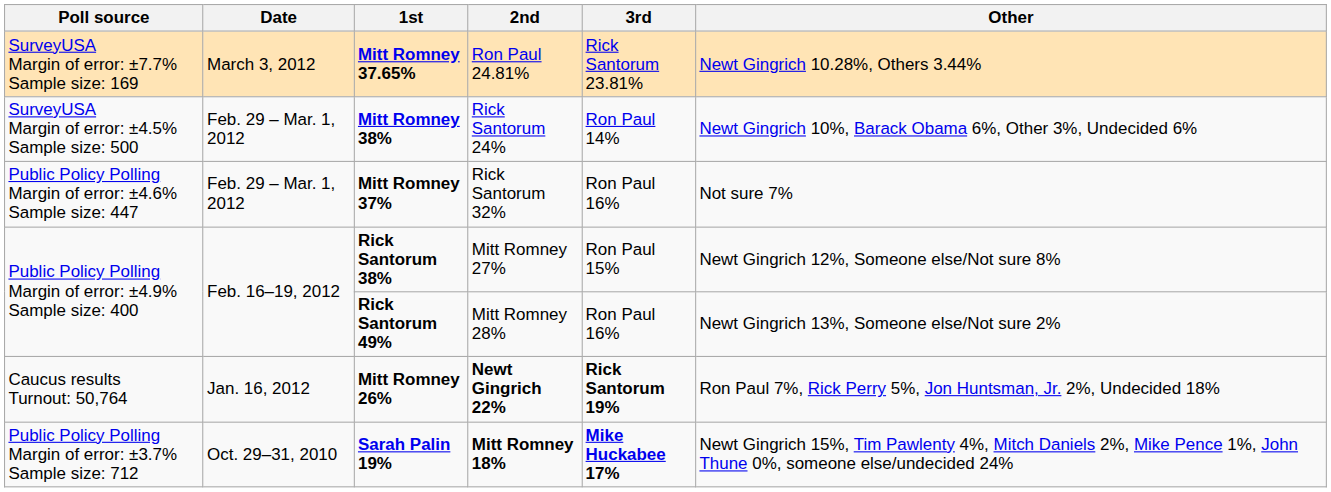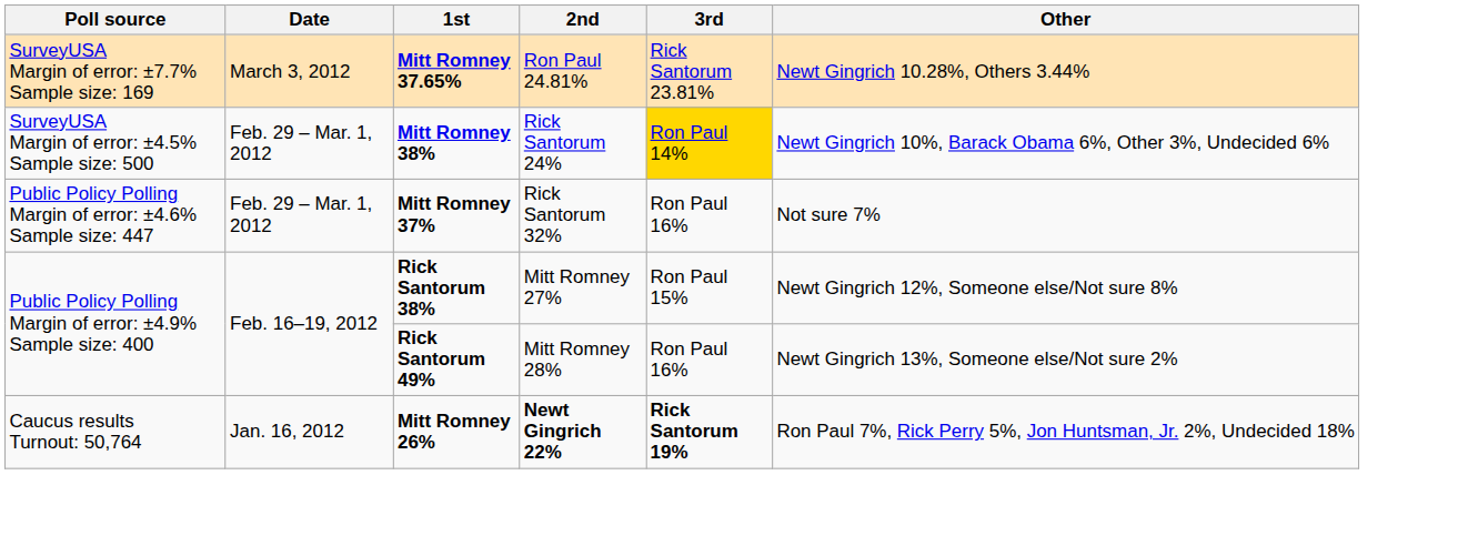 <table class="wikitable">
 <tr>
 <th style="width:180px;">Poll source</th>
 <th style="width:135px;">Date</th>
 <th style="width:100px;">1st</th>
 <th style="width:100px;">2nd</th>
 <th style="width:100px;">3rd</th>
 <th>Other</th>
 </tr>
 <tr style="background:Moccasin;">
 <td><a href='#'>SurveyUSA</a><br>Margin of error: ±7.7% <br>Sample size: 169</td>
 <td>March 3, 2012</td>
 <td><strong><a href='#'>Mitt Romney</a> 37.65% </strong></td>
 <td><a href='#'>Ron Paul</a><br>24.81%</td>
 <td><a href='#'>Rick Santorum</a><br>23.81%</td>
 <td><a href='#'>Newt Gingrich</a> 10.28%, Others 3.44%</td>
 </tr>
 <tr>
 <td><a href='#'>SurveyUSA</a><br>Margin of error: ±4.5% <br>Sample size: 500</td>
 <td>Feb. 29 – Mar. 1, 2012</td>
 <td><strong><a href='#'>Mitt Romney</a><br> 38%</strong></td>
 <td><a href='#'>Rick Santorum</a><br> 24%</td>
-<td><a href='#'>Ron Paul</a><br> 14%</td>
+<td style="background: gold;"><a href='#'>Ron Paul</a><br> 14%</td>
 <td><a href='#'>Newt Gingrich</a> 10%, <a href='#'>Barack Obama</a> 6%, Other 3%, Undecided 6%</td>
 </tr>
 <tr>
 <td><a href='#'>Public Policy Polling</a><br>Margin of error: ±4.6% <br>Sample size: 447</td>
 <td>Feb. 29 – Mar. 1, 2012</td>
 <td><strong>Mitt Romney<br> 37%</strong></td>
 <td>Rick Santorum<br> 32%</td>
 <td>Ron Paul<br> 16%</td>
 <td>Not sure 7%</td>
 </tr>
 <tr>
 <td rowspan=2><a href='#'>Public Policy Polling</a><br>Margin of error: ±4.9% <br>Sample size: 400</td>
 <td rowspan=2>Feb. 16–19, 2012</td>
 <td><strong>Rick Santorum<br> 38%</strong></td>
 <td>Mitt Romney<br> 27%</td>
 <td>Ron Paul<br> 15%</td>
 <td>Newt Gingrich 12%, Someone else/Not sure 8%</td>
 </tr>
 <tr>
 <td><strong>Rick Santorum<br> 49%</strong></td>
 <td>Mitt Romney<br> 28%</td>
 <td>Ron Paul<br> 16%</td>
 <td>Newt Gingrich 13%, Someone else/Not sure 2%</td>
 </tr>
 <tr>
 <td>Caucus results<br>Turnout: 50,764</td>
 <td>Jan. 16, 2012</td>
 <td><strong>Mitt Romney<br> 26%</strong></td>
 <td><strong>Newt Gingrich<br>22%</strong></td>
 <td><strong>Rick Santorum<br> 19%</strong></td>
 <td>Ron Paul 7%, <a href='#'>Rick Perry</a> 5%, <a href='#'>Jon Huntsman, Jr.</a> 2%, Undecided 18%</td>
 </tr>
-<tr>
-<td><a href='#'>Public Policy Polling</a><br>Margin of error: ±3.7% <br>Sample size: 712</td>
-<td>Oct. 29–31, 2010</td>
-<td><strong><a href='#'>Sarah Palin</a><br> 19%</strong></td>
-<td><strong>Mitt Romney<br> 18%</strong></td>
-<td><strong><a href='#'>Mike Huckabee</a><br> 17%</strong></td>
-<td>Newt Gingrich 15%, <a href='#'>Tim Pawlenty</a> 4%, <a href='#'>Mitch Daniels</a> 2%, <a href='#'>Mike Pence</a> 1%, <a href='#'>John Thune</a> 0%, someone else/undecided 24%</td>
-</tr>
 </table>
